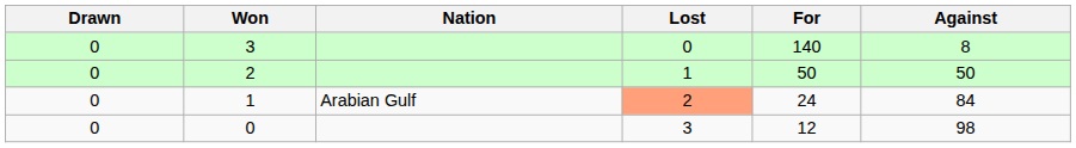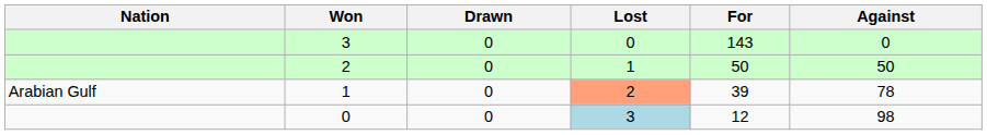 <table class="wikitable" border="1" style="text-align: center; width:50%">
 <tr>
+<th>Nation</th>
+<th>Won</th>
 <th>Drawn</th>
-<th>Won</th>
-<th>Nation</th>
 <th>Lost</th>
 <th>For</th>
 <th>Against</th>
 </tr>
 <tr bgcolor=ccffcc>
+<td align=left></td>
+<td>3</td>
 <td>0</td>
-<td>3</td>
-<td align=left></td>
 <td>0</td>
-<td>140</td>
-<td>8</td>
+<td>143</td>
+<td>0</td>
 </tr>
 <tr bgcolor=ccffcc>
+<td align=left></td>
+<td>2</td>
 <td>0</td>
-<td>2</td>
-<td align=left></td>
 <td>1</td>
 <td>50</td>
 <td>50</td>
 </tr>
 <tr>
+<td align=left> Arabian Gulf</td>
+<td>1</td>
 <td>0</td>
-<td>1</td>
-<td align=left> Arabian Gulf</td>
 <td style="background: lightsalmon;">2</td>
-<td>24</td>
-<td>84</td>
+<td>39</td>
+<td>78</td>
 </tr>
 <tr>
+<td align=left></td>
 <td>0</td>
 <td>0</td>
-<td align=left></td>
-<td>3</td>
+<td style="background: lightblue;">3</td>
 <td>12</td>
 <td>98</td>
 </tr>
 </table>
